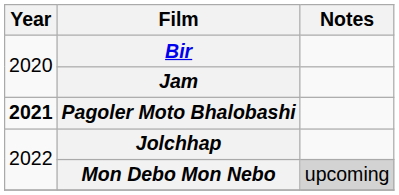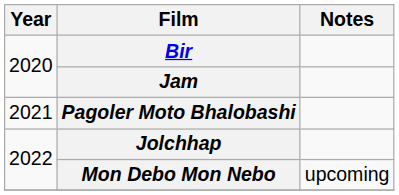 <table class="wikitable sortable">
 <tr>
 <th>Year</th>
 <th>Film</th>
 <th>Notes</th>
 </tr>
 <tr>
 <td rowspan=2>2020</td>
 <th><em><a href='#'>Bir</a></em></th>
 <td></td>
 </tr>
 <tr>
 <th><em>Jam</em></th>
 <td></td>
 </tr>
 <tr>
-<td><strong>2021</strong></td>
+<td>2021</td>
 <th><em>Pagoler Moto Bhalobashi</em></th>
 <td></td>
 </tr>
 <tr>
 <td rowspan=2>2022</td>
 <th><em>Jolchhap</em></th>
 <td></td>
 </tr>
 <tr>
 <th><em>Mon Debo Mon Nebo</em></th>
-<td style="background: lightgrey;">upcoming</td>
+<td>upcoming</td>
 </tr>
 <tr>
 </tr>
 </table>
